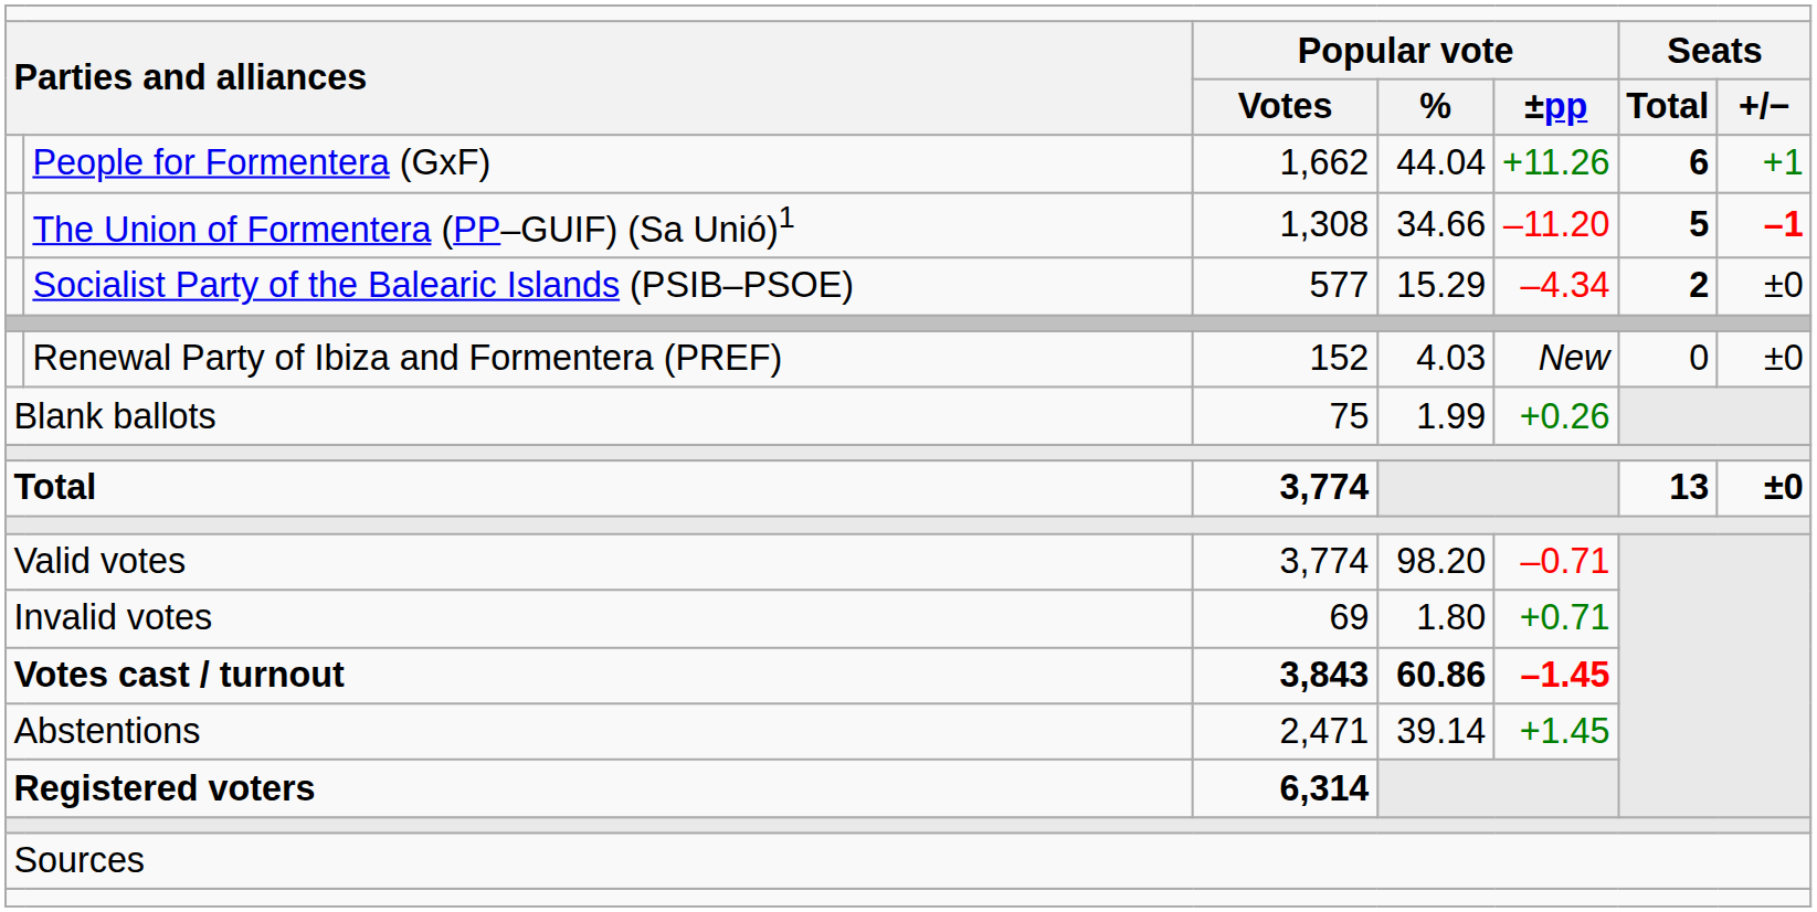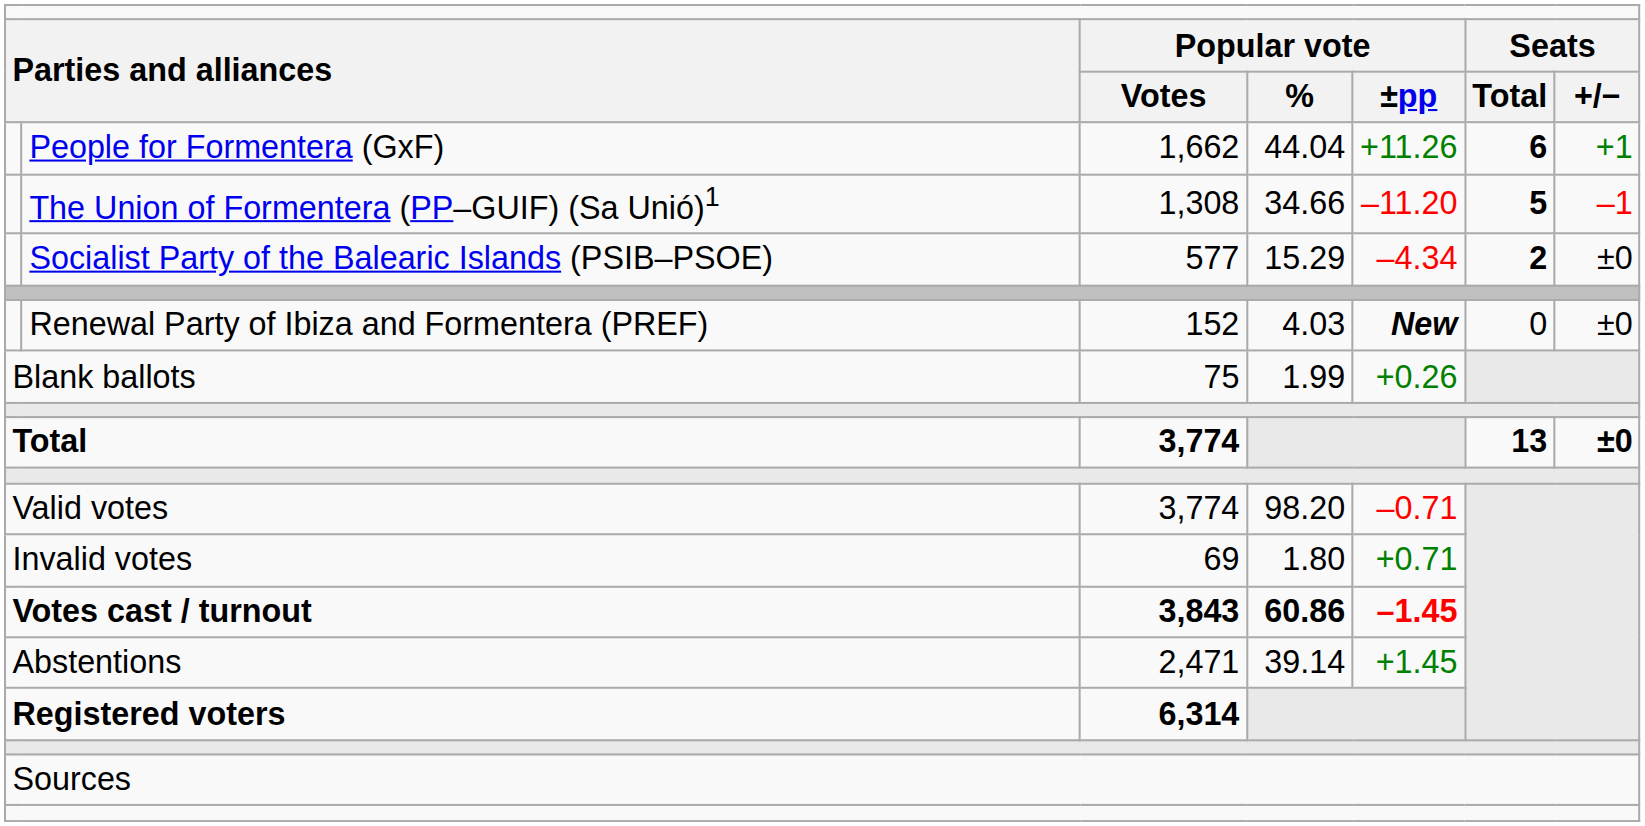 <table class="wikitable" style="text-align:right;">
 <tr>
 <td colspan="7"></td>
 </tr>
 <tr>
 <th style="text-align:left;" rowspan="2" colspan="2" width="525">Parties and alliances</th>
 <th colspan="3">Popular vote</th>
 <th colspan="2">Seats</th>
 </tr>
 <tr>
 <th width="75">Votes</th>
 <th width="45">%</th>
 <th width="45">±<a href='#'>pp</a></th>
 <th width="35">Total</th>
 <th width="35">+/−</th>
 </tr>
 <tr>
 <td width="1" style="color:inherit;background:"></td>
 <td align="left"><a href='#'>People for Formentera</a> (GxF)</td>
 <td>1,662</td>
 <td>44.04</td>
 <td style="color:green;">+11.26</td>
 <td><strong>6</strong></td>
 <td style="color:green;">+1</td>
 </tr>
 <tr>
 <td style="color:inherit;background:"></td>
 <td align="left"><a href='#'>The Union of Formentera</a> (<a href='#'>PP</a>–GUIF) (Sa Unió)<sup>1</sup></td>
 <td>1,308</td>
 <td>34.66</td>
 <td style="color:red;">–11.20</td>
 <td><strong>5</strong></td>
-<td style="color:red;"><strong>–1</strong></td>
+<td style="color:red;">–1</td>
 </tr>
 <tr>
 <td style="color:inherit;background:"></td>
 <td align="left"><a href='#'>Socialist Party of the Balearic Islands</a> (PSIB–PSOE)</td>
 <td>577</td>
 <td>15.29</td>
 <td style="color:red;">–4.34</td>
 <td><strong>2</strong></td>
 <td>±0</td>
 </tr>
 <tr>
 <td colspan="7" bgcolor="#C0C0C0"></td>
 </tr>
 <tr>
 <td style="color:inherit;background:"></td>
 <td align="left">Renewal Party of Ibiza and Formentera (PREF)</td>
 <td>152</td>
 <td>4.03</td>
-<td><em>New</em></td>
+<td><strong><em>New</em></strong></td>
 <td>0</td>
 <td>±0</td>
 </tr>
 <tr>
 <td align="left" colspan="2">Blank ballots</td>
 <td>75</td>
 <td>1.99</td>
 <td style="color:green;">+0.26</td>
 <td bgcolor="#E9E9E9" colspan="2"></td>
 </tr>
 <tr>
 <td colspan="7" bgcolor="#E9E9E9"></td>
 </tr>
 <tr style="font-weight:bold;">
 <td align="left" colspan="2">Total</td>
 <td>3,774</td>
 <td bgcolor="#E9E9E9" colspan="2"></td>
 <td>13</td>
 <td>±0</td>
 </tr>
 <tr>
 <td colspan="7" bgcolor="#E9E9E9"></td>
 </tr>
 <tr>
 <td align="left" colspan="2">Valid votes</td>
 <td>3,774</td>
 <td>98.20</td>
 <td style="color:red;">–0.71</td>
 <td bgcolor="#E9E9E9" colspan="2" rowspan="5"></td>
 </tr>
 <tr>
 <td align="left" colspan="2">Invalid votes</td>
 <td>69</td>
 <td>1.80</td>
 <td style="color:green;">+0.71</td>
 </tr>
 <tr style="font-weight:bold;">
 <td align="left" colspan="2">Votes cast / turnout</td>
 <td>3,843</td>
 <td>60.86</td>
 <td style="color:red;">–1.45</td>
 </tr>
 <tr>
 <td align="left" colspan="2">Abstentions</td>
 <td>2,471</td>
 <td>39.14</td>
 <td style="color:green;">+1.45</td>
 </tr>
 <tr style="font-weight:bold;">
 <td align="left" colspan="2">Registered voters</td>
 <td>6,314</td>
 <td bgcolor="#E9E9E9" colspan="2"></td>
 </tr>
 <tr>
 <td colspan="7" bgcolor="#E9E9E9"></td>
 </tr>
 <tr>
 <td align="left" colspan="7">Sources</td>
 </tr>
 <tr>
 <td colspan="7" style="text-align:left; max-width:790px;"></td>
 </tr>
 </table>
